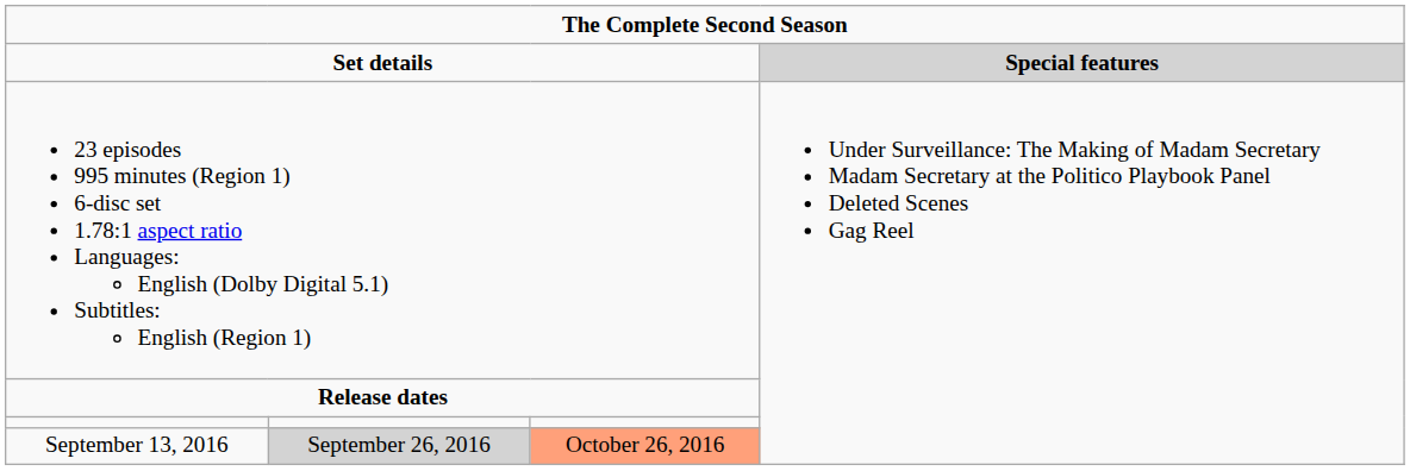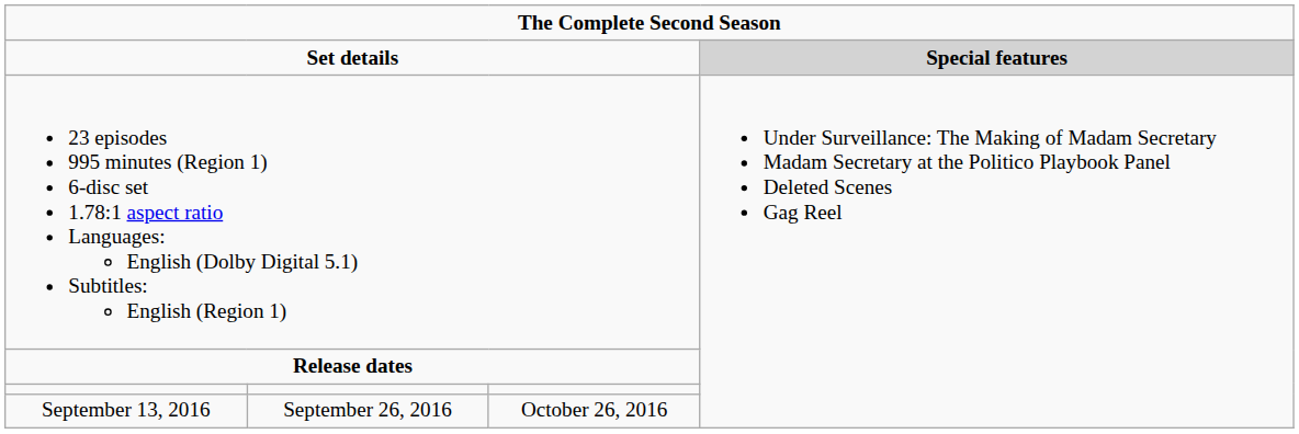 <table class="wikitable plainrowheaders" style="font-size:90%; text-align:center; width: 100%; margin-left: auto; margin-right: auto;">
 <tr>
 <td colspan="6"><strong>The Complete Second Season</strong></td>
 </tr>
 <tr>
 <td align="center" width="300" colspan="3"><strong>Set details</strong></td>
 <td width="400" align="center" style="background: lightgrey;"><strong>Special features</strong></td>
 </tr>
 <tr valign="top">
 <td colspan="3" align="left" width="300"><br><ul><li>23 episodes</li><li>995 minutes (Region 1)</li><li>6-disc set</li><li>1.78:1 <a href='#'>aspect ratio</a></li><li>Languages:<ul><li>English (Dolby Digital 5.1)</li></ul></li><li>Subtitles:<ul><li>English (Region 1)</li></ul></li></ul></td>
 <td rowspan="4" align="left" width="400"><br><ul><li>Under Surveillance: The Making of Madam Secretary</li><li>Madam Secretary at the Politico Playbook Panel</li><li>Deleted Scenes</li><li>Gag Reel</li></ul></td>
 </tr>
 <tr>
 <td colspan="3" align="center"><strong>Release dates</strong></td>
 </tr>
 <tr>
 <td align="center"></td>
 <td align="center"></td>
 <td align="center"></td>
 </tr>
 <tr>
 <td align="center">September 13, 2016</td>
-<td align="center" style="background: lightgrey;">September 26, 2016</td>
-<td align="center" style="background: lightsalmon;">October 26, 2016</td>
+<td align="center">September 26, 2016</td>
+<td align="center">October 26, 2016</td>
 </tr>
 </table>
